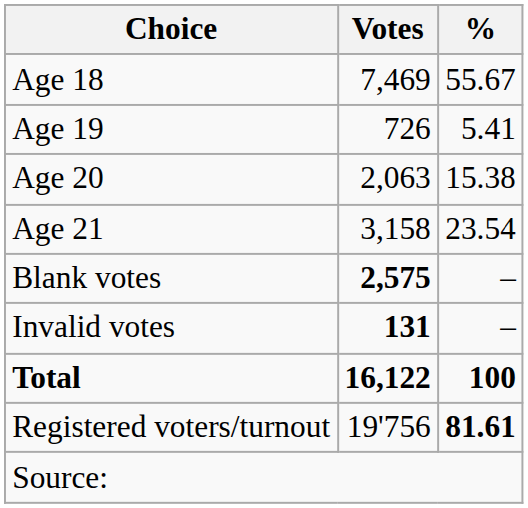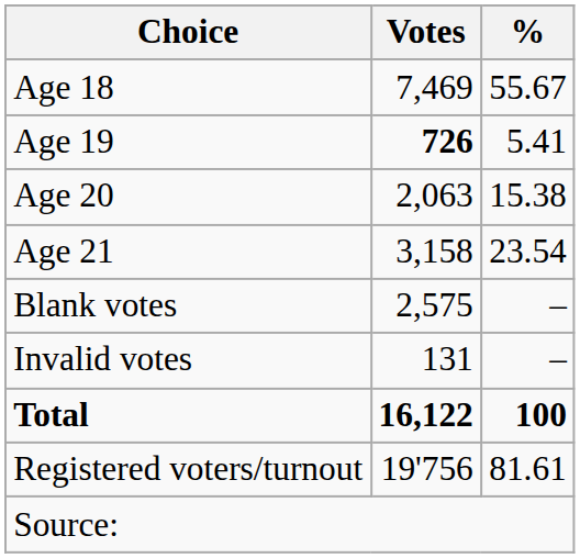 <table class=wikitable style=text-align:right>
 <tr>
 <th>Choice</th>
 <th>Votes</th>
 <th>%</th>
 </tr>
 <tr>
 <td align=left>Age 18</td>
 <td>7,469</td>
 <td>55.67</td>
 </tr>
 <tr>
 <td align=left>Age 19</td>
-<td>726</td>
+<td><strong>726</strong></td>
 <td>5.41</td>
 </tr>
 <tr>
 <td align=left>Age 20</td>
 <td>2,063</td>
 <td>15.38</td>
 </tr>
 <tr>
 <td align=left>Age 21</td>
 <td>3,158</td>
 <td>23.54</td>
 </tr>
 <tr>
 <td align=left>Blank votes</td>
-<td><strong>2,575</strong></td>
+<td>2,575</td>
 <td>–</td>
 </tr>
 <tr>
 <td align=left>Invalid votes</td>
-<td><strong>131</strong></td>
+<td>131</td>
 <td>–</td>
 </tr>
 <tr>
 <td align=left><strong>Total</strong></td>
 <td><strong>16,122</strong></td>
 <td><strong>100</strong></td>
 </tr>
 <tr>
 <td align=left>Registered voters/turnout</td>
 <td>19'756</td>
-<td><strong>81.61</strong></td>
+<td>81.61</td>
 </tr>
 <tr>
 <td colspan=3 align=left>Source: </td>
 </tr>
 </table>
